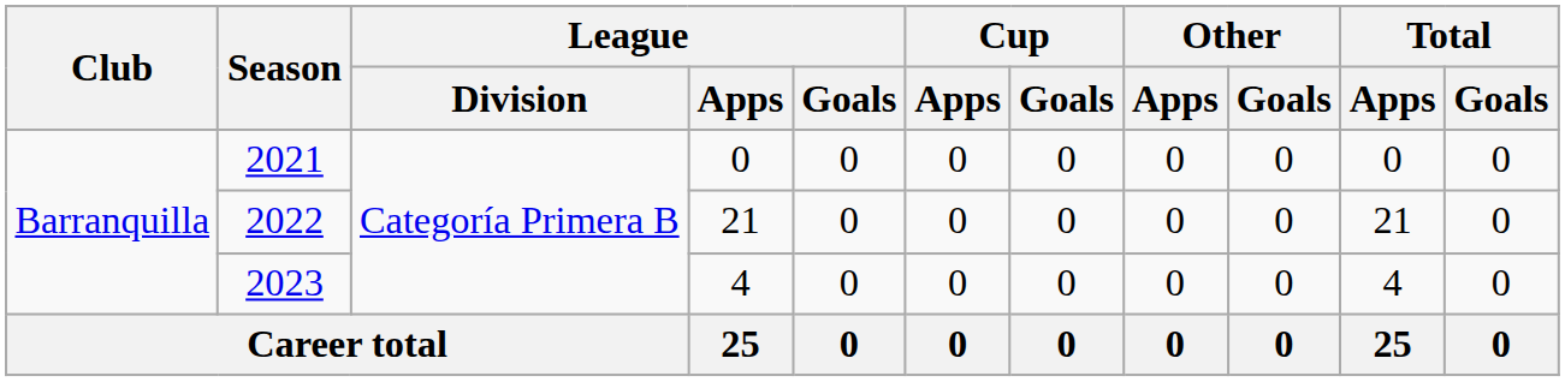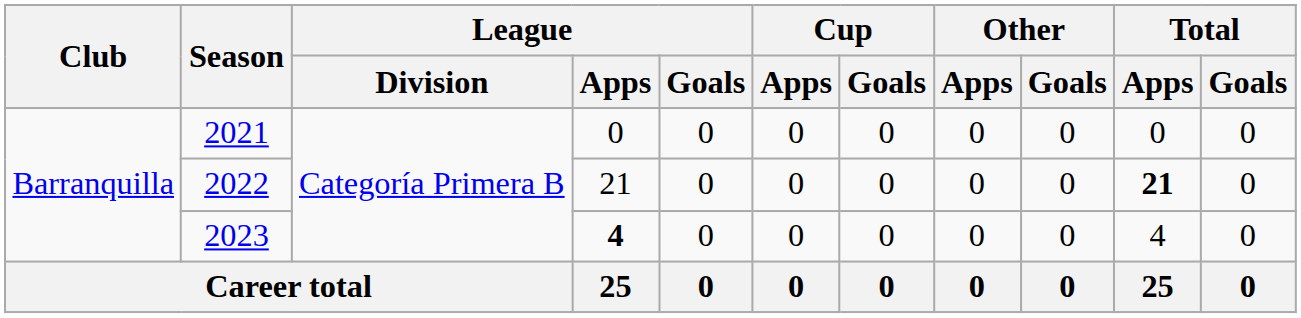 <table class=wikitable style=text-align:center>
 <tr>
 <th rowspan="2">Club</th>
 <th rowspan="2">Season</th>
 <th colspan="3">League</th>
 <th colspan="2">Cup</th>
 <th colspan="2">Other</th>
 <th colspan="2">Total</th>
 </tr>
 <tr>
 <th>Division</th>
 <th>Apps</th>
 <th>Goals</th>
 <th>Apps</th>
 <th>Goals</th>
 <th>Apps</th>
 <th>Goals</th>
 <th>Apps</th>
 <th>Goals</th>
 </tr>
 <tr>
 <td rowspan="3"><a href='#'>Barranquilla</a></td>
 <td><a href='#'>2021</a></td>
 <td rowspan="3"><a href='#'>Categoría Primera B</a></td>
 <td>0</td>
 <td>0</td>
 <td>0</td>
 <td>0</td>
 <td>0</td>
 <td>0</td>
 <td>0</td>
 <td>0</td>
 </tr>
 <tr>
 <td><a href='#'>2022</a></td>
 <td>21</td>
 <td>0</td>
 <td>0</td>
 <td>0</td>
 <td>0</td>
 <td>0</td>
-<td>21</td>
+<td><strong>21</strong></td>
 <td>0</td>
 </tr>
 <tr>
 <td><a href='#'>2023</a></td>
-<td>4</td>
+<td><strong>4</strong></td>
 <td>0</td>
 <td>0</td>
 <td>0</td>
 <td>0</td>
 <td>0</td>
 <td>4</td>
 <td>0</td>
 </tr>
 <tr>
 <th colspan="3"><strong>Career total</strong></th>
 <th>25</th>
 <th>0</th>
 <th>0</th>
 <th>0</th>
 <th>0</th>
 <th>0</th>
 <th>25</th>
 <th>0</th>
 </tr>
 </table>
